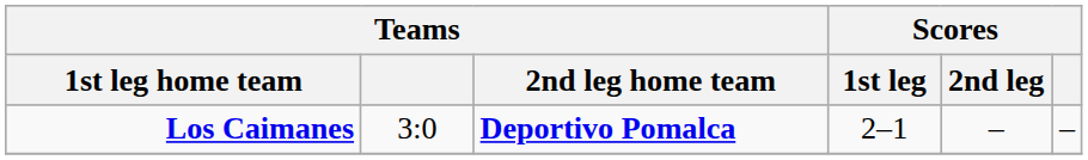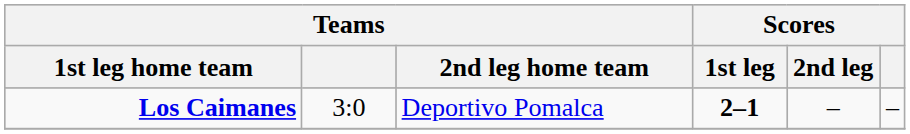 <table class="wikitable" style="text-align: center;">
 <tr>
 <th colspan=3>Teams</th>
 <th colspan=3>Scores</th>
 </tr>
 <tr>
 <th width="175">1st leg home team</th>
 <th width="50"></th>
 <th width="175">2nd leg home team</th>
 <th width="50">1st leg</th>
 <th width="50">2nd leg</th>
 <th></th>
 </tr>
 <tr>
 <td align=right><strong><a href='#'>Los Caimanes</a></strong></td>
 <td>3:0</td>
-<td align=left><strong><a href='#'>Deportivo Pomalca</a></strong></td>
-<td>2–1</td>
+<td align=left><a href='#'>Deportivo Pomalca</a></td>
+<td><strong>2–1</strong></td>
 <td>–</td>
 <td>–</td>
 </tr>
 <tr>
 </tr>
 </table>
